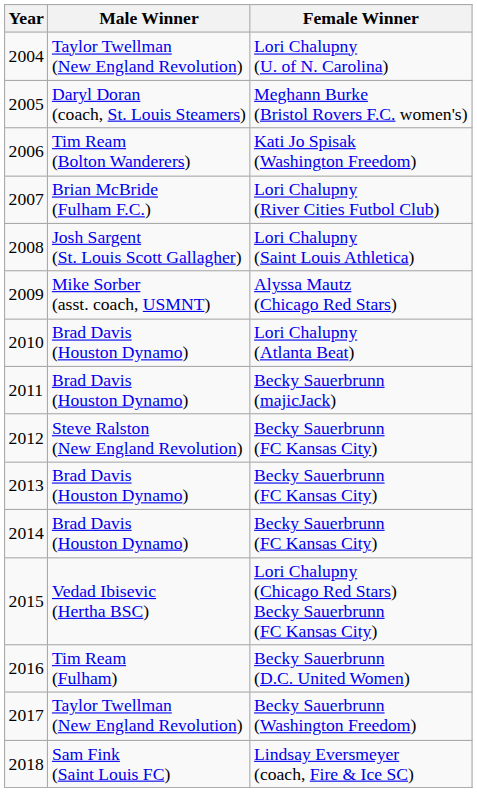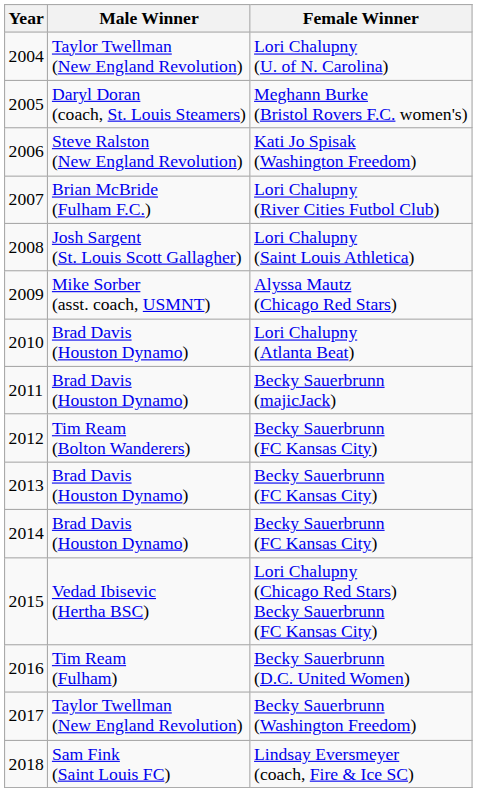 <table class="wikitable">
 <tr>
 <th>Year</th>
 <th>Male Winner</th>
 <th>Female Winner</th>
 </tr>
 <tr>
 <td>2004</td>
 <td><a href='#'>Taylor Twellman</a><br>(<a href='#'>New England Revolution</a>)</td>
 <td><a href='#'>Lori Chalupny</a><br>(<a href='#'>U. of N. Carolina</a>)</td>
 </tr>
 <tr>
 <td>2005</td>
 <td><a href='#'>Daryl Doran</a><br>(coach, <a href='#'>St. Louis Steamers</a>)</td>
 <td><a href='#'>Meghann Burke</a><br>(<a href='#'>Bristol Rovers F.C.</a> women's)</td>
 </tr>
 <tr>
 <td>2006</td>
-<td><a href='#'>Tim Ream</a><br>(<a href='#'>Bolton Wanderers</a>)</td>
+<td><a href='#'>Steve Ralston</a><br>(<a href='#'>New England Revolution</a>)</td>
 <td><a href='#'>Kati Jo Spisak</a><br>(<a href='#'>Washington Freedom</a>)</td>
 </tr>
 <tr>
 <td>2007</td>
 <td><a href='#'>Brian McBride</a><br>(<a href='#'>Fulham F.C.</a>)</td>
 <td><a href='#'>Lori Chalupny</a><br>(<a href='#'>River Cities Futbol Club</a>)</td>
 </tr>
 <tr>
 <td>2008</td>
 <td><a href='#'>Josh Sargent</a><br>(<a href='#'>St. Louis Scott Gallagher</a>)</td>
 <td><a href='#'>Lori Chalupny</a><br>(<a href='#'>Saint Louis Athletica</a>)</td>
 </tr>
 <tr>
 <td>2009</td>
 <td><a href='#'>Mike Sorber</a><br>(asst. coach, <a href='#'>USMNT</a>)</td>
 <td><a href='#'>Alyssa Mautz</a><br>(<a href='#'>Chicago Red Stars</a>)</td>
 </tr>
 <tr>
 <td>2010</td>
 <td><a href='#'>Brad Davis</a><br>(<a href='#'>Houston Dynamo</a>)</td>
 <td><a href='#'>Lori Chalupny</a><br>(<a href='#'>Atlanta Beat</a>)</td>
 </tr>
 <tr>
 <td>2011</td>
 <td><a href='#'>Brad Davis</a><br>(<a href='#'>Houston Dynamo</a>)</td>
 <td><a href='#'>Becky Sauerbrunn</a><br>(<a href='#'>majicJack</a>)</td>
 </tr>
 <tr>
 <td>2012</td>
-<td><a href='#'>Steve Ralston</a><br>(<a href='#'>New England Revolution</a>)</td>
+<td><a href='#'>Tim Ream</a><br>(<a href='#'>Bolton Wanderers</a>)</td>
 <td><a href='#'>Becky Sauerbrunn</a><br>(<a href='#'>FC Kansas City</a>)</td>
 </tr>
 <tr>
 <td>2013</td>
 <td><a href='#'>Brad Davis</a><br>(<a href='#'>Houston Dynamo</a>)</td>
 <td><a href='#'>Becky Sauerbrunn</a><br>(<a href='#'>FC Kansas City</a>)</td>
 </tr>
 <tr>
 <td>2014</td>
 <td><a href='#'>Brad Davis</a><br>(<a href='#'>Houston Dynamo</a>)</td>
 <td><a href='#'>Becky Sauerbrunn</a><br>(<a href='#'>FC Kansas City</a>)</td>
 </tr>
 <tr>
 <td>2015</td>
 <td><a href='#'>Vedad Ibisevic</a><br>(<a href='#'>Hertha BSC</a>) <br></td>
 <td><a href='#'>Lori Chalupny</a><br>(<a href='#'>Chicago Red Stars</a>)<br><a href='#'>Becky Sauerbrunn</a><br>(<a href='#'>FC Kansas City</a>) <br></td>
 </tr>
 <tr>
 <td>2016</td>
 <td><a href='#'>Tim Ream</a><br>(<a href='#'>Fulham</a>)</td>
 <td><a href='#'>Becky Sauerbrunn</a><br>(<a href='#'>D.C. United Women</a>)</td>
 </tr>
 <tr>
 <td>2017</td>
 <td><a href='#'>Taylor Twellman</a><br>(<a href='#'>New England Revolution</a>)</td>
 <td><a href='#'>Becky Sauerbrunn</a><br>(<a href='#'>Washington Freedom</a>)</td>
 </tr>
 <tr>
 <td>2018</td>
 <td><a href='#'>Sam Fink</a><br>(<a href='#'>Saint Louis FC</a>)</td>
 <td><a href='#'>Lindsay Eversmeyer</a><br>(coach, <a href='#'>Fire & Ice SC</a>)</td>
 </tr>
 <tr>
 </tr>
 </table>
